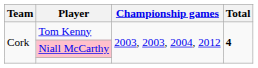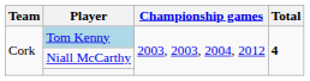 <table class="wikitable">
 <tr>
 <th>Team</th>
 <th>Player</th>
 <th><a href='#'>Championship games</a></th>
 <th>Total</th>
 </tr>
 <tr>
 <td rowspan=3>Cork</td>
-<td><a href='#'>Tom Kenny</a></td>
+<td style="background: lightblue;"><a href='#'>Tom Kenny</a></td>
 <td rowspan=3><a href='#'>2003</a>, <a href='#'>2003</a>, <a href='#'>2004</a>, <a href='#'>2012</a></td>
 <td rowspan=3><strong>4</strong></td>
 </tr>
 <tr>
-<td style="background: pink;"><a href='#'>Niall McCarthy</a></td>
+<td><a href='#'>Niall McCarthy</a></td>
 </tr>
 <tr>
 <td></td>
 </tr>
 </table>
